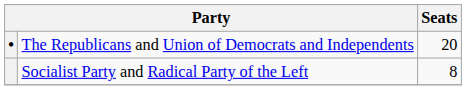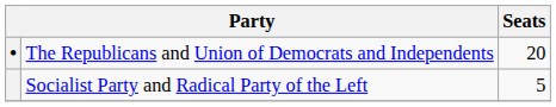 <table class="wikitable" style="font-size: 95%;">
 <tr>
 <th colspan=2>Party</th>
 <th>Seats</th>
 </tr>
 <tr>
 <th style="background-color: "><span>•</span></th>
 <td><a href='#'>The Republicans</a> and <a href='#'>Union of Democrats and Independents</a></td>
 <td align="right">20</td>
 </tr>
 <tr>
 <th style="background-color: "></th>
 <td><a href='#'>Socialist Party</a> and <a href='#'>Radical Party of the Left</a></td>
-<td align="right">8</td>
+<td align="right">5</td>
 </tr>
 <tr>
 </tr>
 </table>
